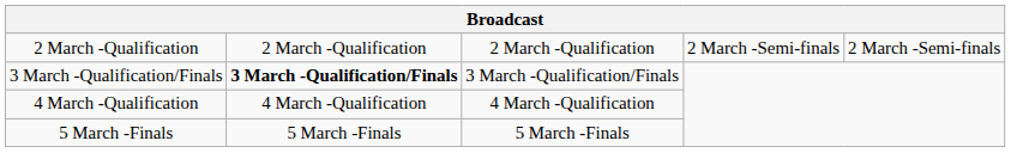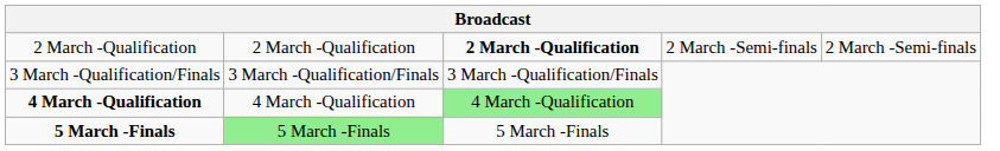 <table class=wikitable style="text-align:center;">
 <tr>
 <th colspan=5>Broadcast</th>
 </tr>
 <tr>
 <td>2 March -Qualification </td>
 <td>2 March -Qualification </td>
-<td>2 March -Qualification </td>
+<td><strong>2 March -Qualification </strong></td>
 <td>2 March -Semi-finals </td>
 <td>2 March -Semi-finals </td>
 </tr>
 <tr>
 <td>3 March -Qualification/Finals </td>
-<td><strong>3 March -Qualification/Finals </strong></td>
+<td>3 March -Qualification/Finals </td>
 <td>3 March -Qualification/Finals </td>
 </tr>
 <tr>
+<td><strong>4 March -Qualification </strong></td>
 <td>4 March -Qualification </td>
-<td>4 March -Qualification </td>
-<td>4 March -Qualification </td>
+<td style="background: lightgreen;">4 March -Qualification </td>
 </tr>
 <tr>
-<td>5 March -Finals </td>
-<td>5 March -Finals </td>
+<td><strong>5 March -Finals </strong></td>
+<td style="background: lightgreen;">5 March -Finals </td>
 <td>5 March -Finals </td>
 </tr>
 </table>
